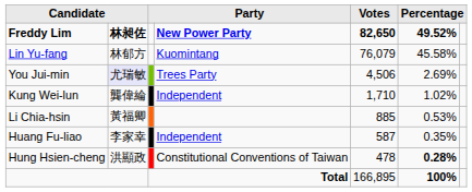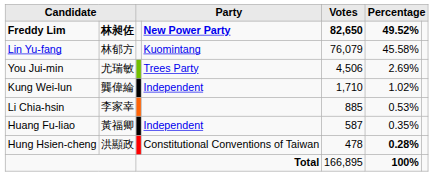 <table class="wikitable" style="margin:1em auto;">
 <tr>
 <th style="background-color:#E9E9E9;text-align:center;" colspan=2>Candidate</th>
 <th style="background-color:#E9E9E9;text-align:center;" colspan=2>Party</th>
 <th style="background-color:#E9E9E9;text-align:center;">Votes</th>
 <th style="background-color:#E9E9E9;text-align:center;" colspan=2>Percentage</th>
 </tr>
 <tr>
 <td style="text-align:left;"><strong>Freddy Lim</strong></td>
 <td><strong>林昶佐</strong></td>
 <td style="background-color:"></td>
 <td style="text-align:left;"><strong><a href='#'>New Power Party</a></strong></td>
 <td style="text-align:right;"><strong>82,650</strong></td>
 <td style="text-align:right;"><strong>49.52%</strong></td>
 <td></td>
 </tr>
 <tr>
 <td style="text-align:left;"><a href='#'>Lin Yu-fang</a></td>
 <td>林郁方</td>
 <td style="background-color:"></td>
 <td style="text-align:left;"><a href='#'>Kuomintang</a></td>
 <td style="text-align:right;">76,079</td>
 <td style="text-align:right;">45.58%</td>
 <td></td>
 </tr>
 <tr>
 <td style="text-align:left;">You Jui-min</td>
-<td style="background: lavender;">尤瑞敏</td>
+<td>尤瑞敏</td>
 <td style="background-color:#73BF00"></td>
 <td style="text-align:left;"><a href='#'>Trees Party</a></td>
 <td style="text-align:right;">4,506</td>
 <td style="text-align:right;">2.69%</td>
 <td></td>
 </tr>
 <tr>
 <td style="text-align:left;">Kung Wei-lun</td>
 <td>龔偉綸</td>
 <td style="background-color:black"></td>
 <td style="text-align:left;"><a href='#'>Independent</a></td>
 <td style="text-align:right;">1,710</td>
 <td style="text-align:right;">1.02%</td>
 <td></td>
 </tr>
 <tr>
 <td style="text-align:left;">Li Chia-hsin</td>
-<td>黃福卿</td>
+<td>李家幸</td>
 <td style="background-color:#FE6407"></td>
 <td style="text-align:left;"></td>
 <td style="text-align:right;">885</td>
 <td style="text-align:right;">0.53%</td>
 <td></td>
 </tr>
 <tr>
 <td style="text-align:left;">Huang Fu-liao</td>
-<td>李家幸</td>
+<td>黃福卿</td>
 <td style="background-color:black"></td>
 <td style="text-align:left;"><a href='#'>Independent</a></td>
 <td style="text-align:right;">587</td>
 <td style="text-align:right;">0.35%</td>
 <td></td>
 </tr>
 <tr>
 <td style="text-align:left;">Hung Hsien-cheng</td>
 <td>洪顯政</td>
 <td style="background-color:red"></td>
 <td style="text-align:left;">Constitutional Conventions of Taiwan</td>
 <td style="text-align:right;">478</td>
 <td style="text-align:right;"><strong>0.28%</strong></td>
 <td></td>
 </tr>
 <tr>
 <td colspan=2><small> </small></td>
 <td colspan="2" style="text-align:right;"><strong>Total</strong></td>
 <td style="text-align:right;">166,895</td>
 <td style="text-align:right;"><strong>100%</strong></td>
 <td></td>
 </tr>
 </table>
